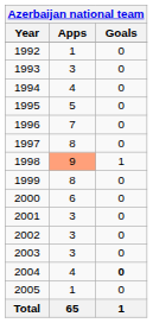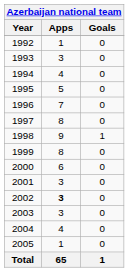 <table class="wikitable" style="text-align:center">
 <tr>
 <th colspan=3><a href='#'>Azerbaijan national team</a></th>
 </tr>
 <tr>
 <th>Year</th>
 <th>Apps</th>
 <th>Goals</th>
 </tr>
 <tr>
 </tr>
 <tr>
 <td>1992</td>
 <td>1</td>
 <td>0</td>
 </tr>
 <tr>
 <td>1993</td>
 <td>3</td>
 <td>0</td>
 </tr>
 <tr>
 <td>1994</td>
 <td>4</td>
 <td>0</td>
 </tr>
 <tr>
 <td>1995</td>
 <td>5</td>
 <td>0</td>
 </tr>
 <tr>
 <td>1996</td>
 <td>7</td>
 <td>0</td>
 </tr>
 <tr>
 <td>1997</td>
 <td>8</td>
 <td>0</td>
 </tr>
 <tr>
 <td>1998</td>
-<td style="background: lightsalmon;">9</td>
+<td>9</td>
 <td>1</td>
 </tr>
 <tr>
 <td>1999</td>
 <td>8</td>
 <td>0</td>
 </tr>
 <tr>
 <td>2000</td>
 <td>6</td>
 <td>0</td>
 </tr>
 <tr>
 <td>2001</td>
 <td>3</td>
 <td>0</td>
 </tr>
 <tr>
 <td>2002</td>
-<td>3</td>
+<td><strong>3</strong></td>
 <td>0</td>
 </tr>
 <tr>
 <td>2003</td>
 <td>3</td>
 <td>0</td>
 </tr>
 <tr>
 <td>2004</td>
 <td>4</td>
-<td><strong>0</strong></td>
+<td>0</td>
 </tr>
 <tr>
 <td>2005</td>
 <td>1</td>
 <td>0</td>
 </tr>
 <tr>
 <th>Total</th>
 <th>65</th>
 <th>1</th>
 </tr>
 </table>
